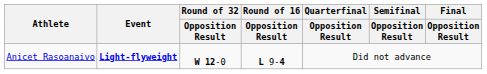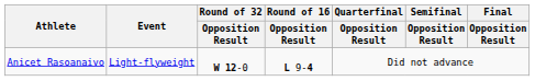 <table class=wikitable style=font-size:90%>
 <tr>
 <th rowspan=2>Athlete</th>
 <th rowspan=2>Event</th>
 <th>Round of 32</th>
 <th>Round of 16</th>
 <th>Quarterfinal</th>
 <th>Semifinal</th>
 <th>Final</th>
 </tr>
 <tr>
 <th>Opposition<br>Result</th>
 <th>Opposition<br>Result</th>
 <th>Opposition<br>Result</th>
 <th>Opposition<br>Result</th>
 <th>Opposition<br>Result</th>
 </tr>
 <tr>
 <td><a href='#'>Anicet Rasoanaivo</a></td>
-<td><strong><a href='#'>Light-flyweight</a></strong></td>
+<td><a href='#'>Light-flyweight</a></td>
 <td align=center><br><strong>W</strong> <strong>12</strong>-0</td>
 <td align=center><br><strong>L</strong> 9-<strong>4</strong></td>
 <td colspan=3 align=center>Did not advance</td>
 </tr>
 </table>
